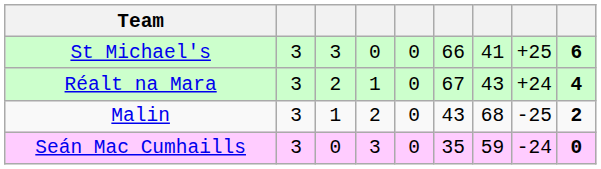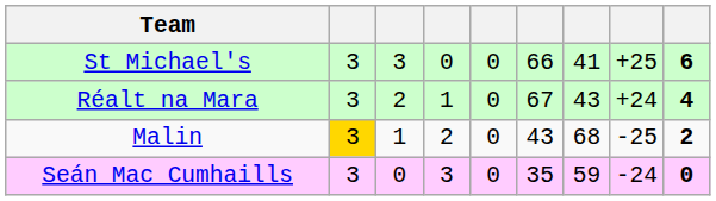 <table class="wikitable" style="text-align:center">
 <tr>
 <th style="width:175px;">Team</th>
 <th width="20"></th>
 <th width="20"></th>
 <th width="20"></th>
 <th width="20"></th>
 <th width="20"></th>
 <th width="20"></th>
 <th width="20"></th>
 <th width="20"></th>
 </tr>
 <tr style="background:#cfc;">
 <td><a href='#'>St Michael's</a></td>
 <td>3</td>
 <td>3</td>
 <td>0</td>
 <td>0</td>
 <td>66</td>
 <td>41</td>
 <td>+25</td>
 <td><strong>6</strong></td>
 </tr>
 <tr style="background:#cfc;">
 <td><a href='#'>Réalt na Mara</a></td>
 <td>3</td>
 <td>2</td>
 <td>1</td>
 <td>0</td>
 <td>67</td>
 <td>43</td>
 <td>+24</td>
 <td><strong>4</strong></td>
 </tr>
 <tr>
 <td><a href='#'>Malin</a></td>
-<td>3</td>
+<td style="background: gold;">3</td>
 <td>1</td>
 <td>2</td>
 <td>0</td>
 <td>43</td>
 <td>68</td>
 <td>-25</td>
 <td><strong>2</strong></td>
 </tr>
 <tr style="background:#fcf;">
 <td><a href='#'>Seán Mac Cumhaills</a></td>
 <td>3</td>
 <td>0</td>
 <td>3</td>
 <td>0</td>
 <td>35</td>
 <td>59</td>
 <td>-24</td>
 <td><strong>0</strong></td>
 </tr>
 </table>
